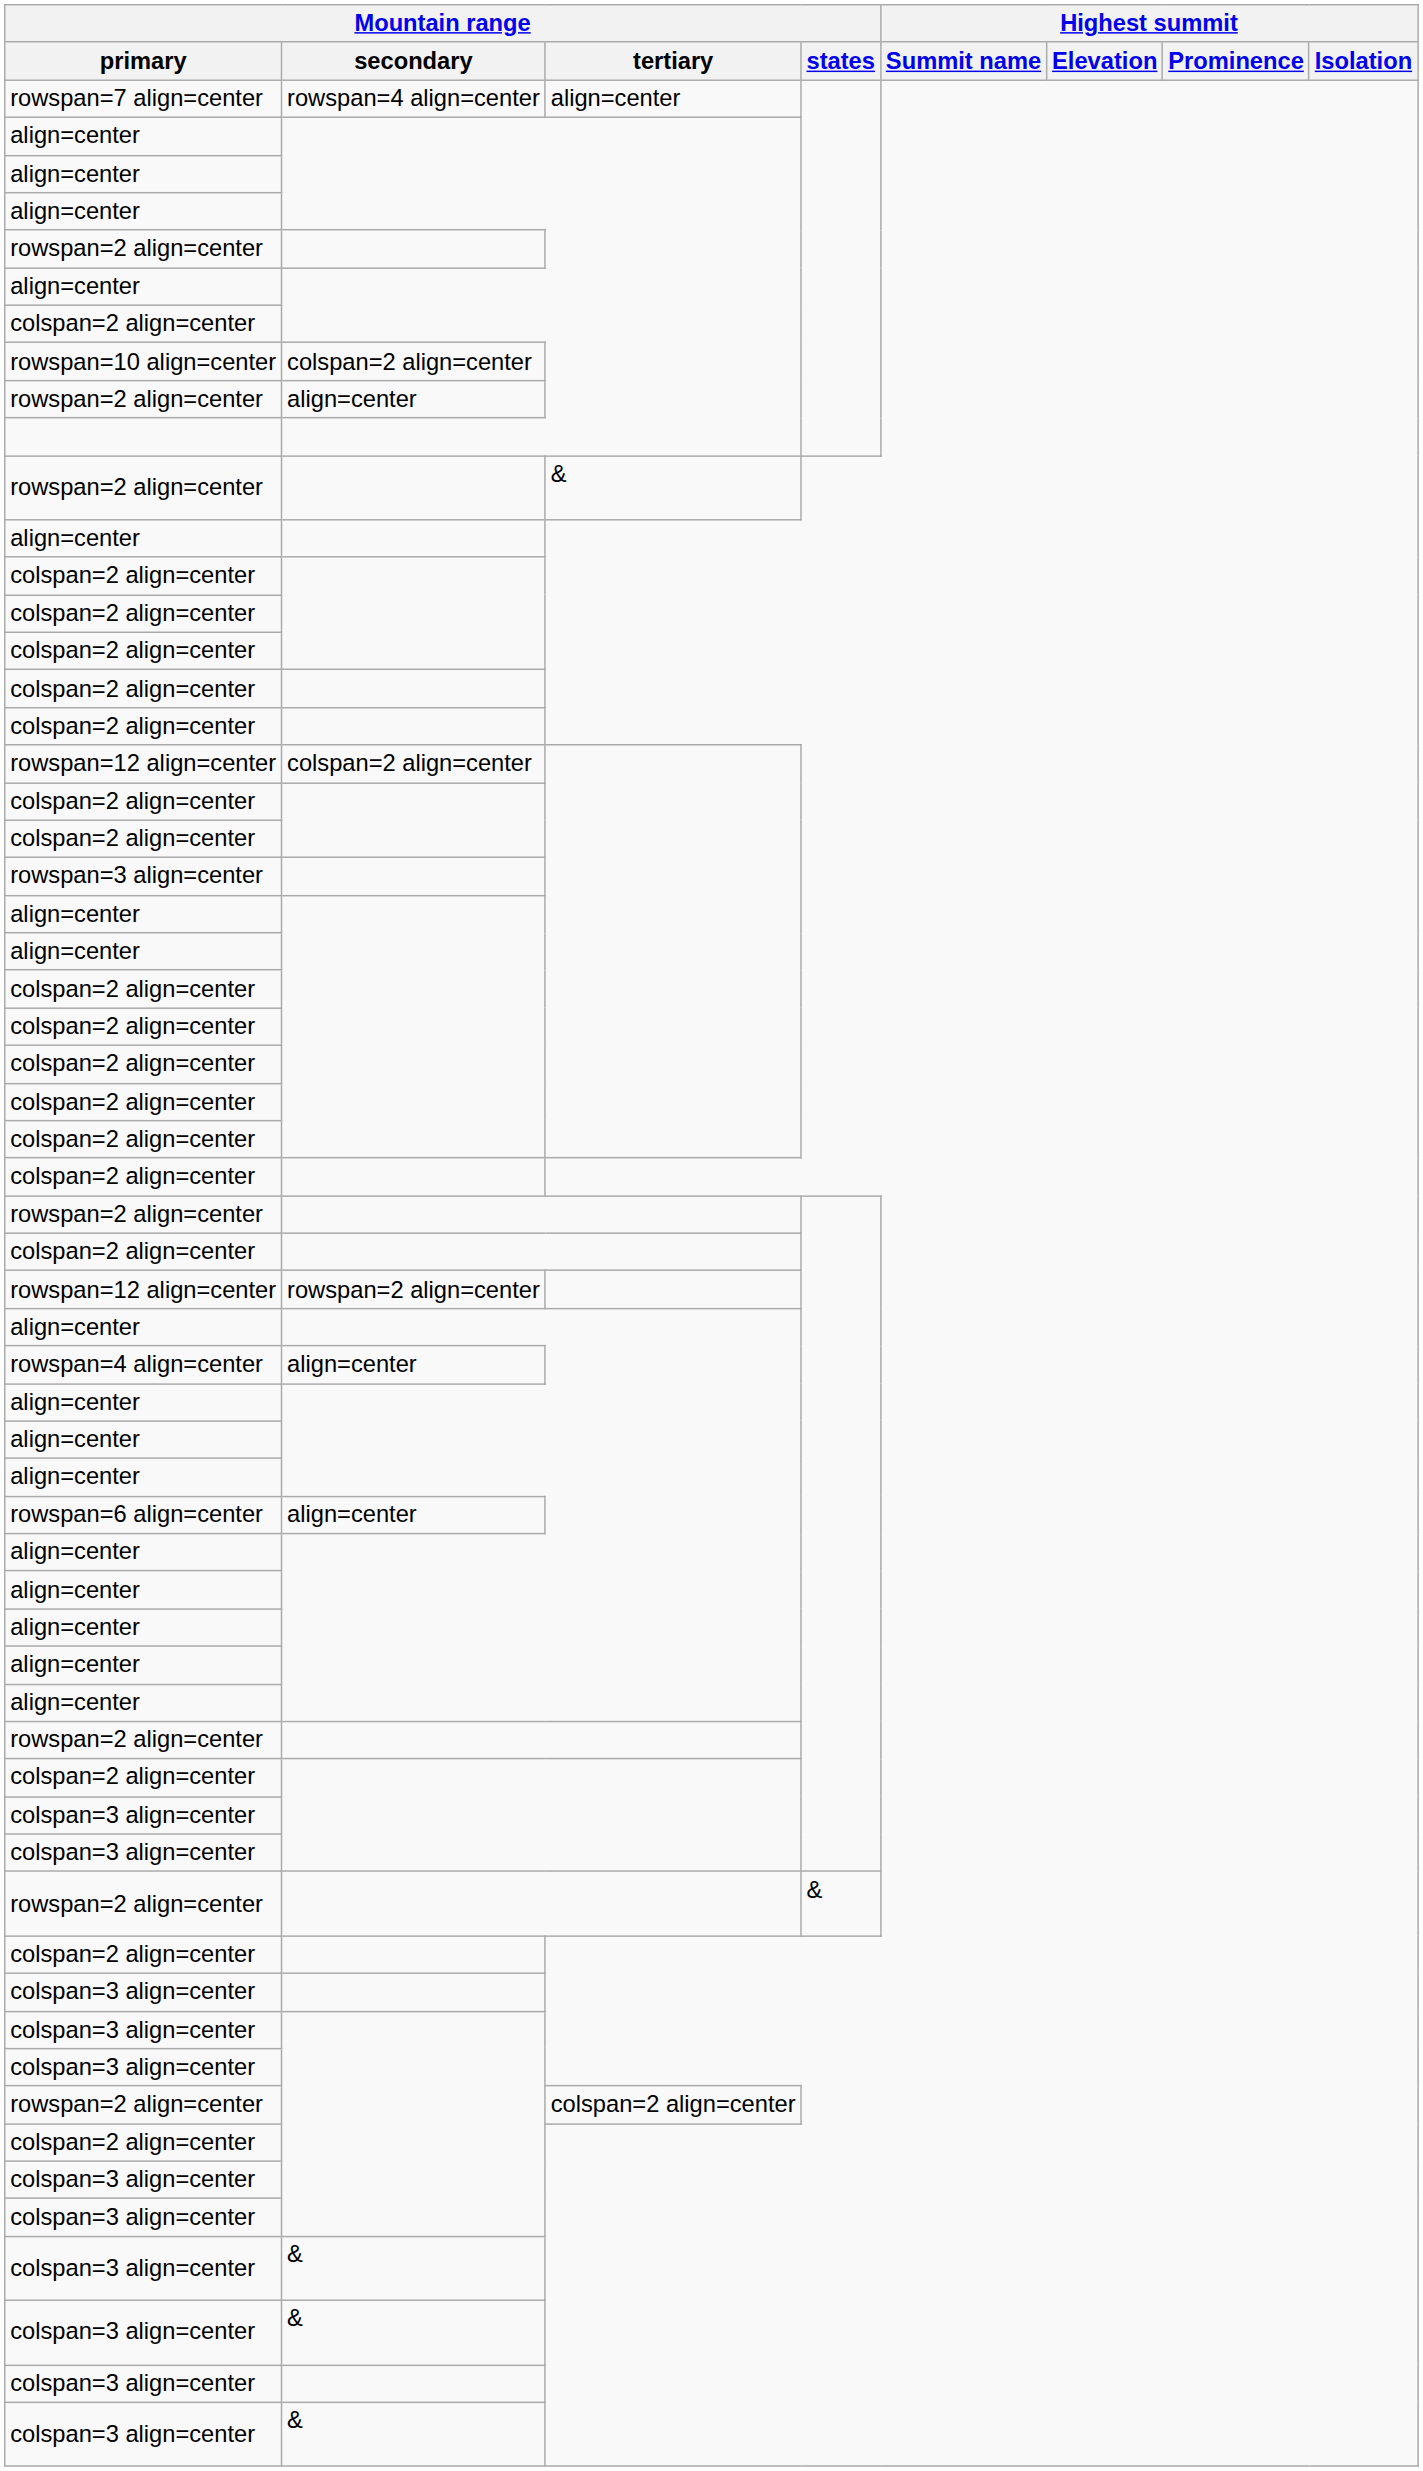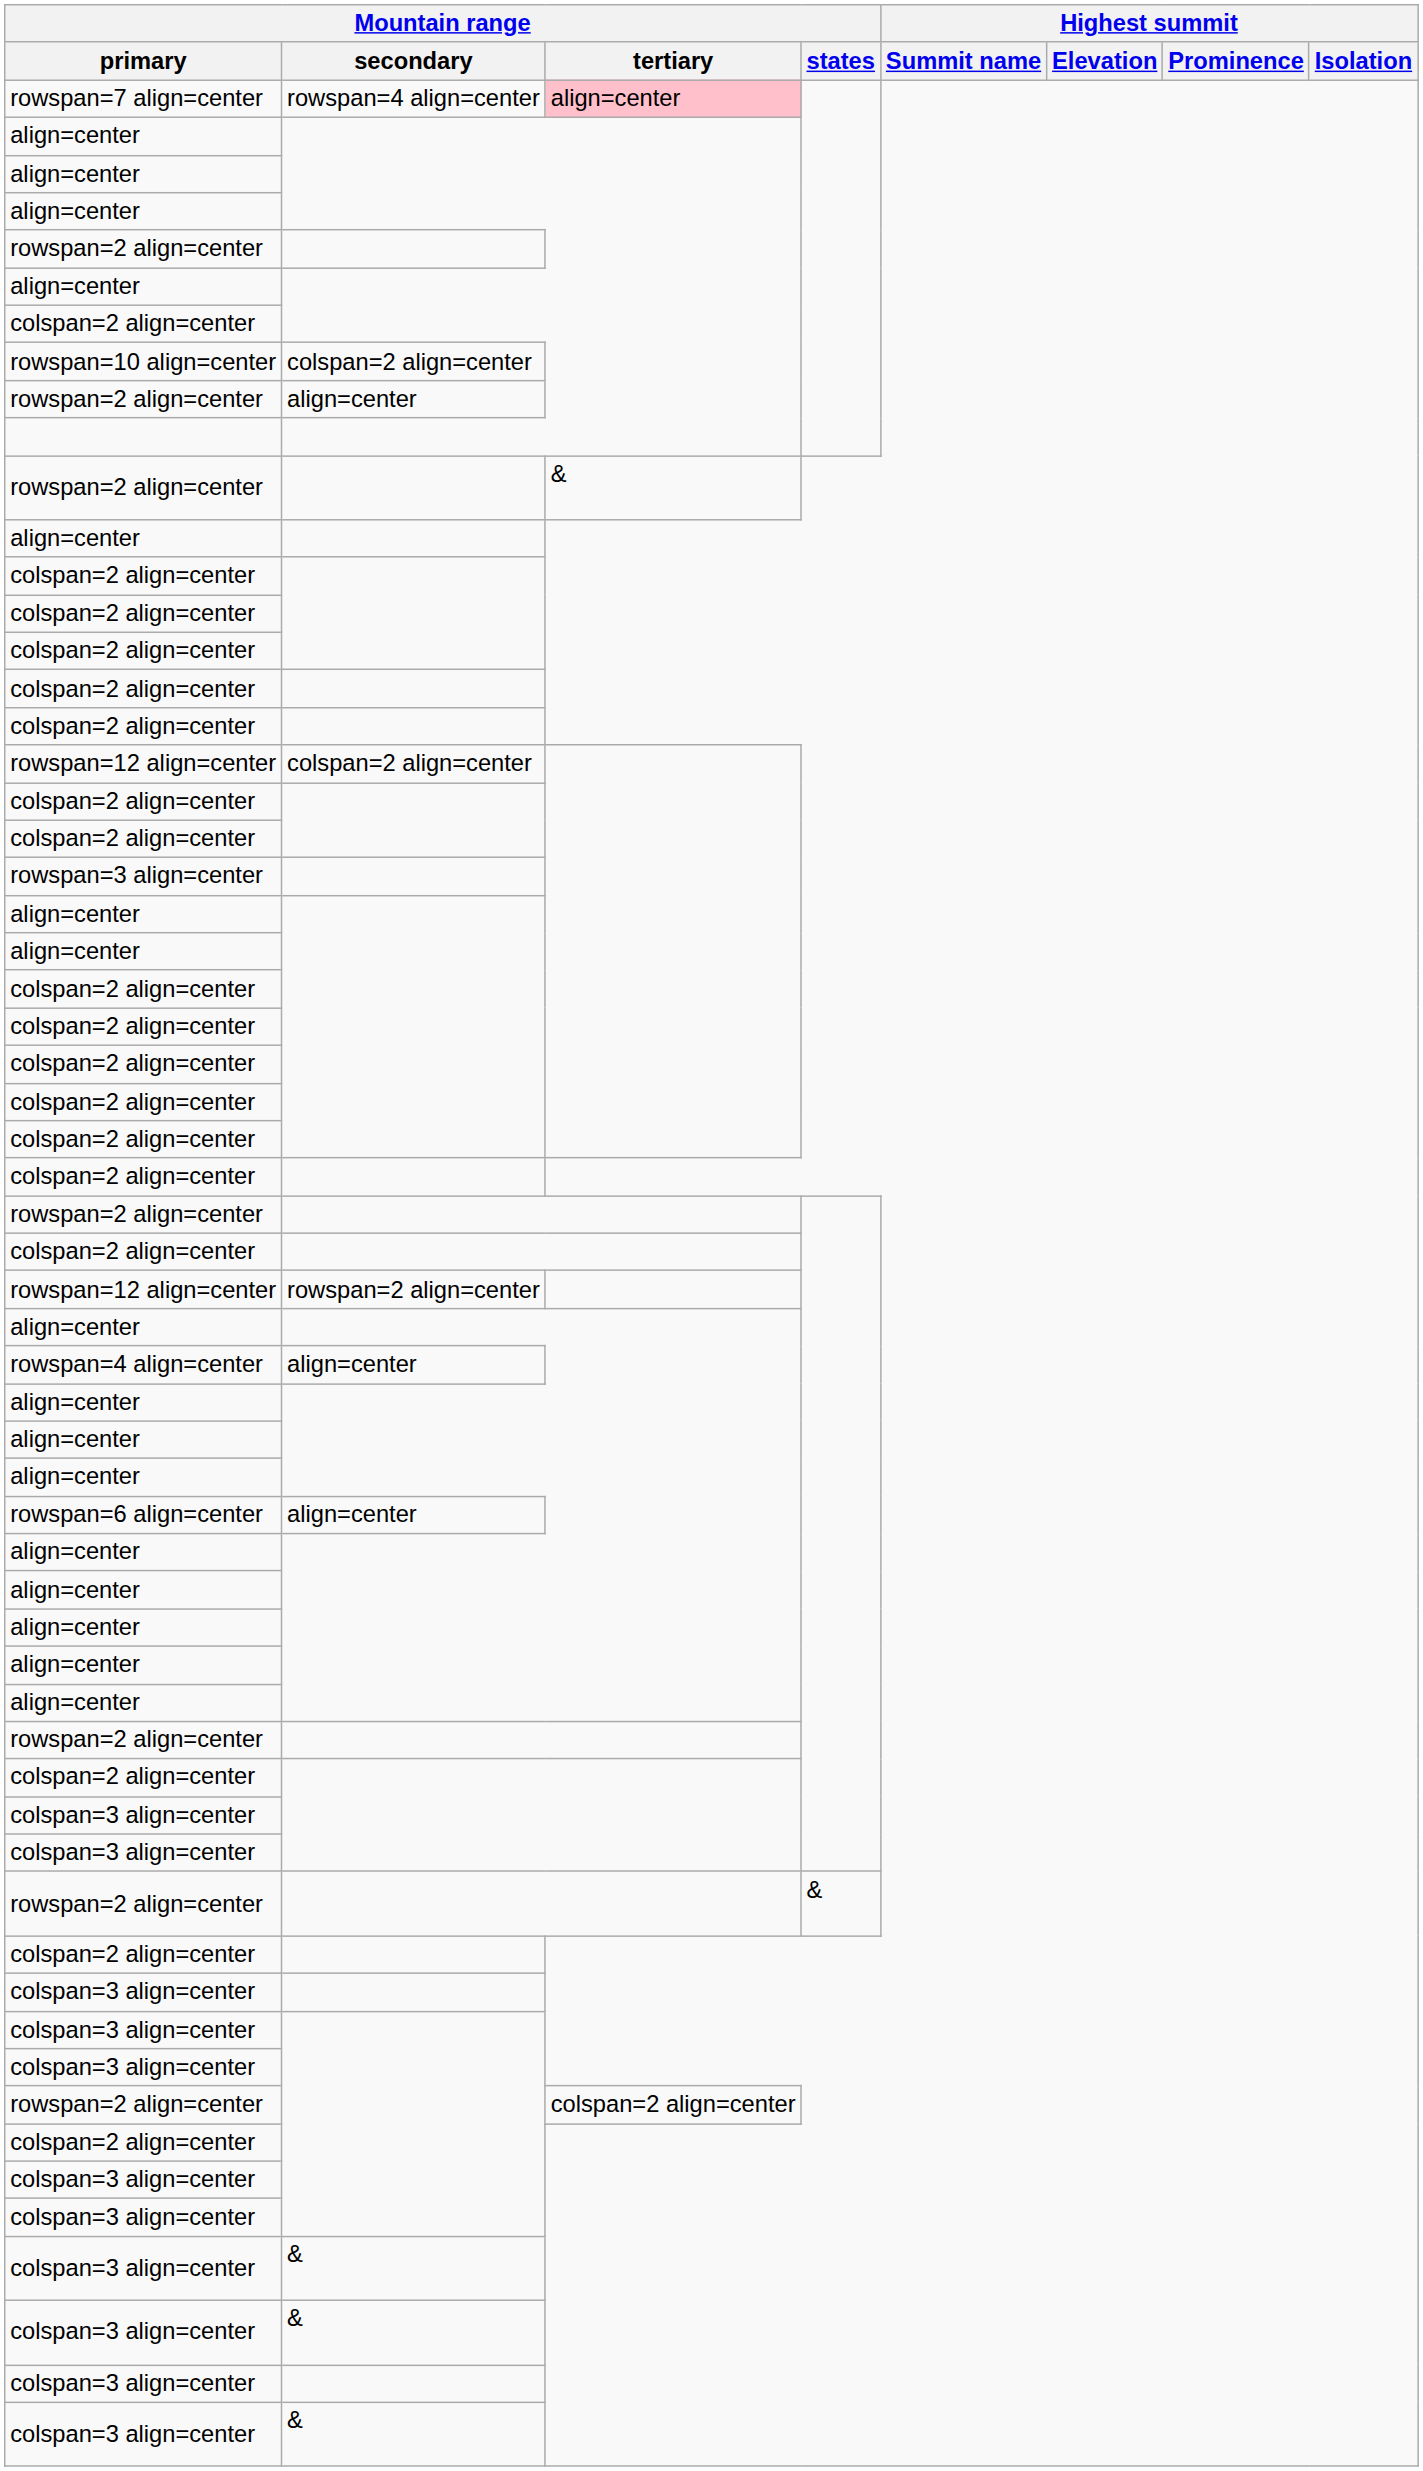 <table class=wikitable>
 <tr>
 <th colspan=4><a href='#'>Mountain range</a></th>
 <th colspan=4><a href='#'>Highest summit</a></th>
 </tr>
 <tr>
 <th>primary</th>
 <th>secondary</th>
 <th>tertiary</th>
 <th><a href='#'>states</a></th>
 <th><a href='#'>Summit name</a></th>
 <th><a href='#'>Elevation</a></th>
 <th><a href='#'>Prominence</a></th>
 <th><a href='#'>Isolation</a></th>
 </tr>
 <tr>
 <td>rowspan=7 align=center</td>
 <td>rowspan=4 align=center</td>
-<td>align=center</td>
+<td style="background: pink;">align=center</td>
 <td rowspan=10><br> </td>
 </tr>
 <tr>
 <td>align=center<br> </td>
 </tr>
 <tr>
 <td>align=center<br> </td>
 </tr>
 <tr>
 <td>align=center<br> </td>
 </tr>
 <tr>
 <td>rowspan=2 align=center</td>
 <td><br> </td>
 </tr>
 <tr>
 <td>align=center<br> </td>
 </tr>
 <tr>
 <td>colspan=2 align=center<br> </td>
 </tr>
 <tr>
 <td>rowspan=10 align=center</td>
 <td>colspan=2 align=center<br> </td>
 </tr>
 <tr>
 <td>rowspan=2 align=center</td>
 <td>align=center<br> </td>
 </tr>
 <tr>
 <td><br> </td>
 </tr>
 <tr>
 <td>rowspan=2 align=center</td>
 <td></td>
 <td> &<br><br> </td>
 </tr>
 <tr>
 <td>align=center</td>
 <td><br> </td>
 </tr>
 <tr>
 <td>colspan=2 align=center</td>
 <td rowspan=3><br> </td>
 </tr>
 <tr>
 <td>colspan=2 align=center<br> </td>
 </tr>
 <tr>
 <td>colspan=2 align=center<br> </td>
 </tr>
 <tr>
 <td>colspan=2 align=center</td>
 <td><br> </td>
 </tr>
 <tr>
 <td>colspan=2 align=center</td>
 <td><br> </td>
 </tr>
 <tr>
 <td>rowspan=12 align=center</td>
 <td>colspan=2 align=center</td>
 <td rowspan=11><br> </td>
 </tr>
 <tr>
 <td>colspan=2 align=center<br> </td>
 </tr>
 <tr>
 <td>colspan=2 align=center<br> </td>
 </tr>
 <tr>
 <td>rowspan=3 align=center</td>
 <td><br> </td>
 </tr>
 <tr>
 <td>align=center<br> </td>
 </tr>
 <tr>
 <td>align=center<br> </td>
 </tr>
 <tr>
 <td>colspan=2 align=center<br> </td>
 </tr>
 <tr>
 <td>colspan=2 align=center<br> </td>
 </tr>
 <tr>
 <td>colspan=2 align=center<br> </td>
 </tr>
 <tr>
 <td>colspan=2 align=center<br> </td>
 </tr>
 <tr>
 <td>colspan=2 align=center<br> </td>
 </tr>
 <tr>
 <td>colspan=2 align=center</td>
 <td><br> </td>
 </tr>
 <tr>
 <td>rowspan=2 align=center</td>
 <td colspan=2></td>
 <td rowspan=18><br> </td>
 </tr>
 <tr>
 <td>colspan=2 align=center<br> </td>
 </tr>
 <tr>
 <td>rowspan=12 align=center</td>
 <td>rowspan=2 align=center</td>
 <td><br> </td>
 </tr>
 <tr>
 <td>align=center<br> </td>
 </tr>
 <tr>
 <td>rowspan=4 align=center</td>
 <td>align=center<br> </td>
 </tr>
 <tr>
 <td>align=center<br> </td>
 </tr>
 <tr>
 <td>align=center<br> </td>
 </tr>
 <tr>
 <td>align=center<br> </td>
 </tr>
 <tr>
 <td>rowspan=6 align=center</td>
 <td>align=center<br> </td>
 </tr>
 <tr>
 <td>align=center<br> </td>
 </tr>
 <tr>
 <td>align=center<br> </td>
 </tr>
 <tr>
 <td>align=center<br> </td>
 </tr>
 <tr>
 <td>align=center<br> </td>
 </tr>
 <tr>
 <td>align=center<br> </td>
 </tr>
 <tr>
 <td>rowspan=2 align=center</td>
 <td colspan=2><br> </td>
 </tr>
 <tr>
 <td>colspan=2 align=center<br> </td>
 </tr>
 <tr>
 <td>colspan=3 align=center<br> </td>
 </tr>
 <tr>
 <td>colspan=3 align=center<br> </td>
 </tr>
 <tr>
 <td>rowspan=2 align=center</td>
 <td colspan=2></td>
 <td> &<br><br> </td>
 </tr>
 <tr>
 <td>colspan=2 align=center</td>
 <td><br> </td>
 </tr>
 <tr>
 <td>colspan=3 align=center</td>
 <td><br> </td>
 </tr>
 <tr>
 <td>colspan=3 align=center</td>
 <td rowspan=6><br> </td>
 </tr>
 <tr>
 <td>colspan=3 align=center<br> </td>
 </tr>
 <tr>
 <td>rowspan=2 align=center</td>
 <td>colspan=2 align=center<br> </td>
 </tr>
 <tr>
 <td>colspan=2 align=center<br> </td>
 </tr>
 <tr>
 <td>colspan=3 align=center<br> </td>
 </tr>
 <tr>
 <td>colspan=3 align=center<br> </td>
 </tr>
 <tr>
 <td>colspan=3 align=center</td>
 <td> &<br><br> </td>
 </tr>
 <tr>
 <td>colspan=3 align=center</td>
 <td> &<br><br> </td>
 </tr>
 <tr>
 <td>colspan=3 align=center</td>
 <td><br> </td>
 </tr>
 <tr>
 <td>colspan=3 align=center</td>
 <td> &<br><br> </td>
 </tr>
 </table>
